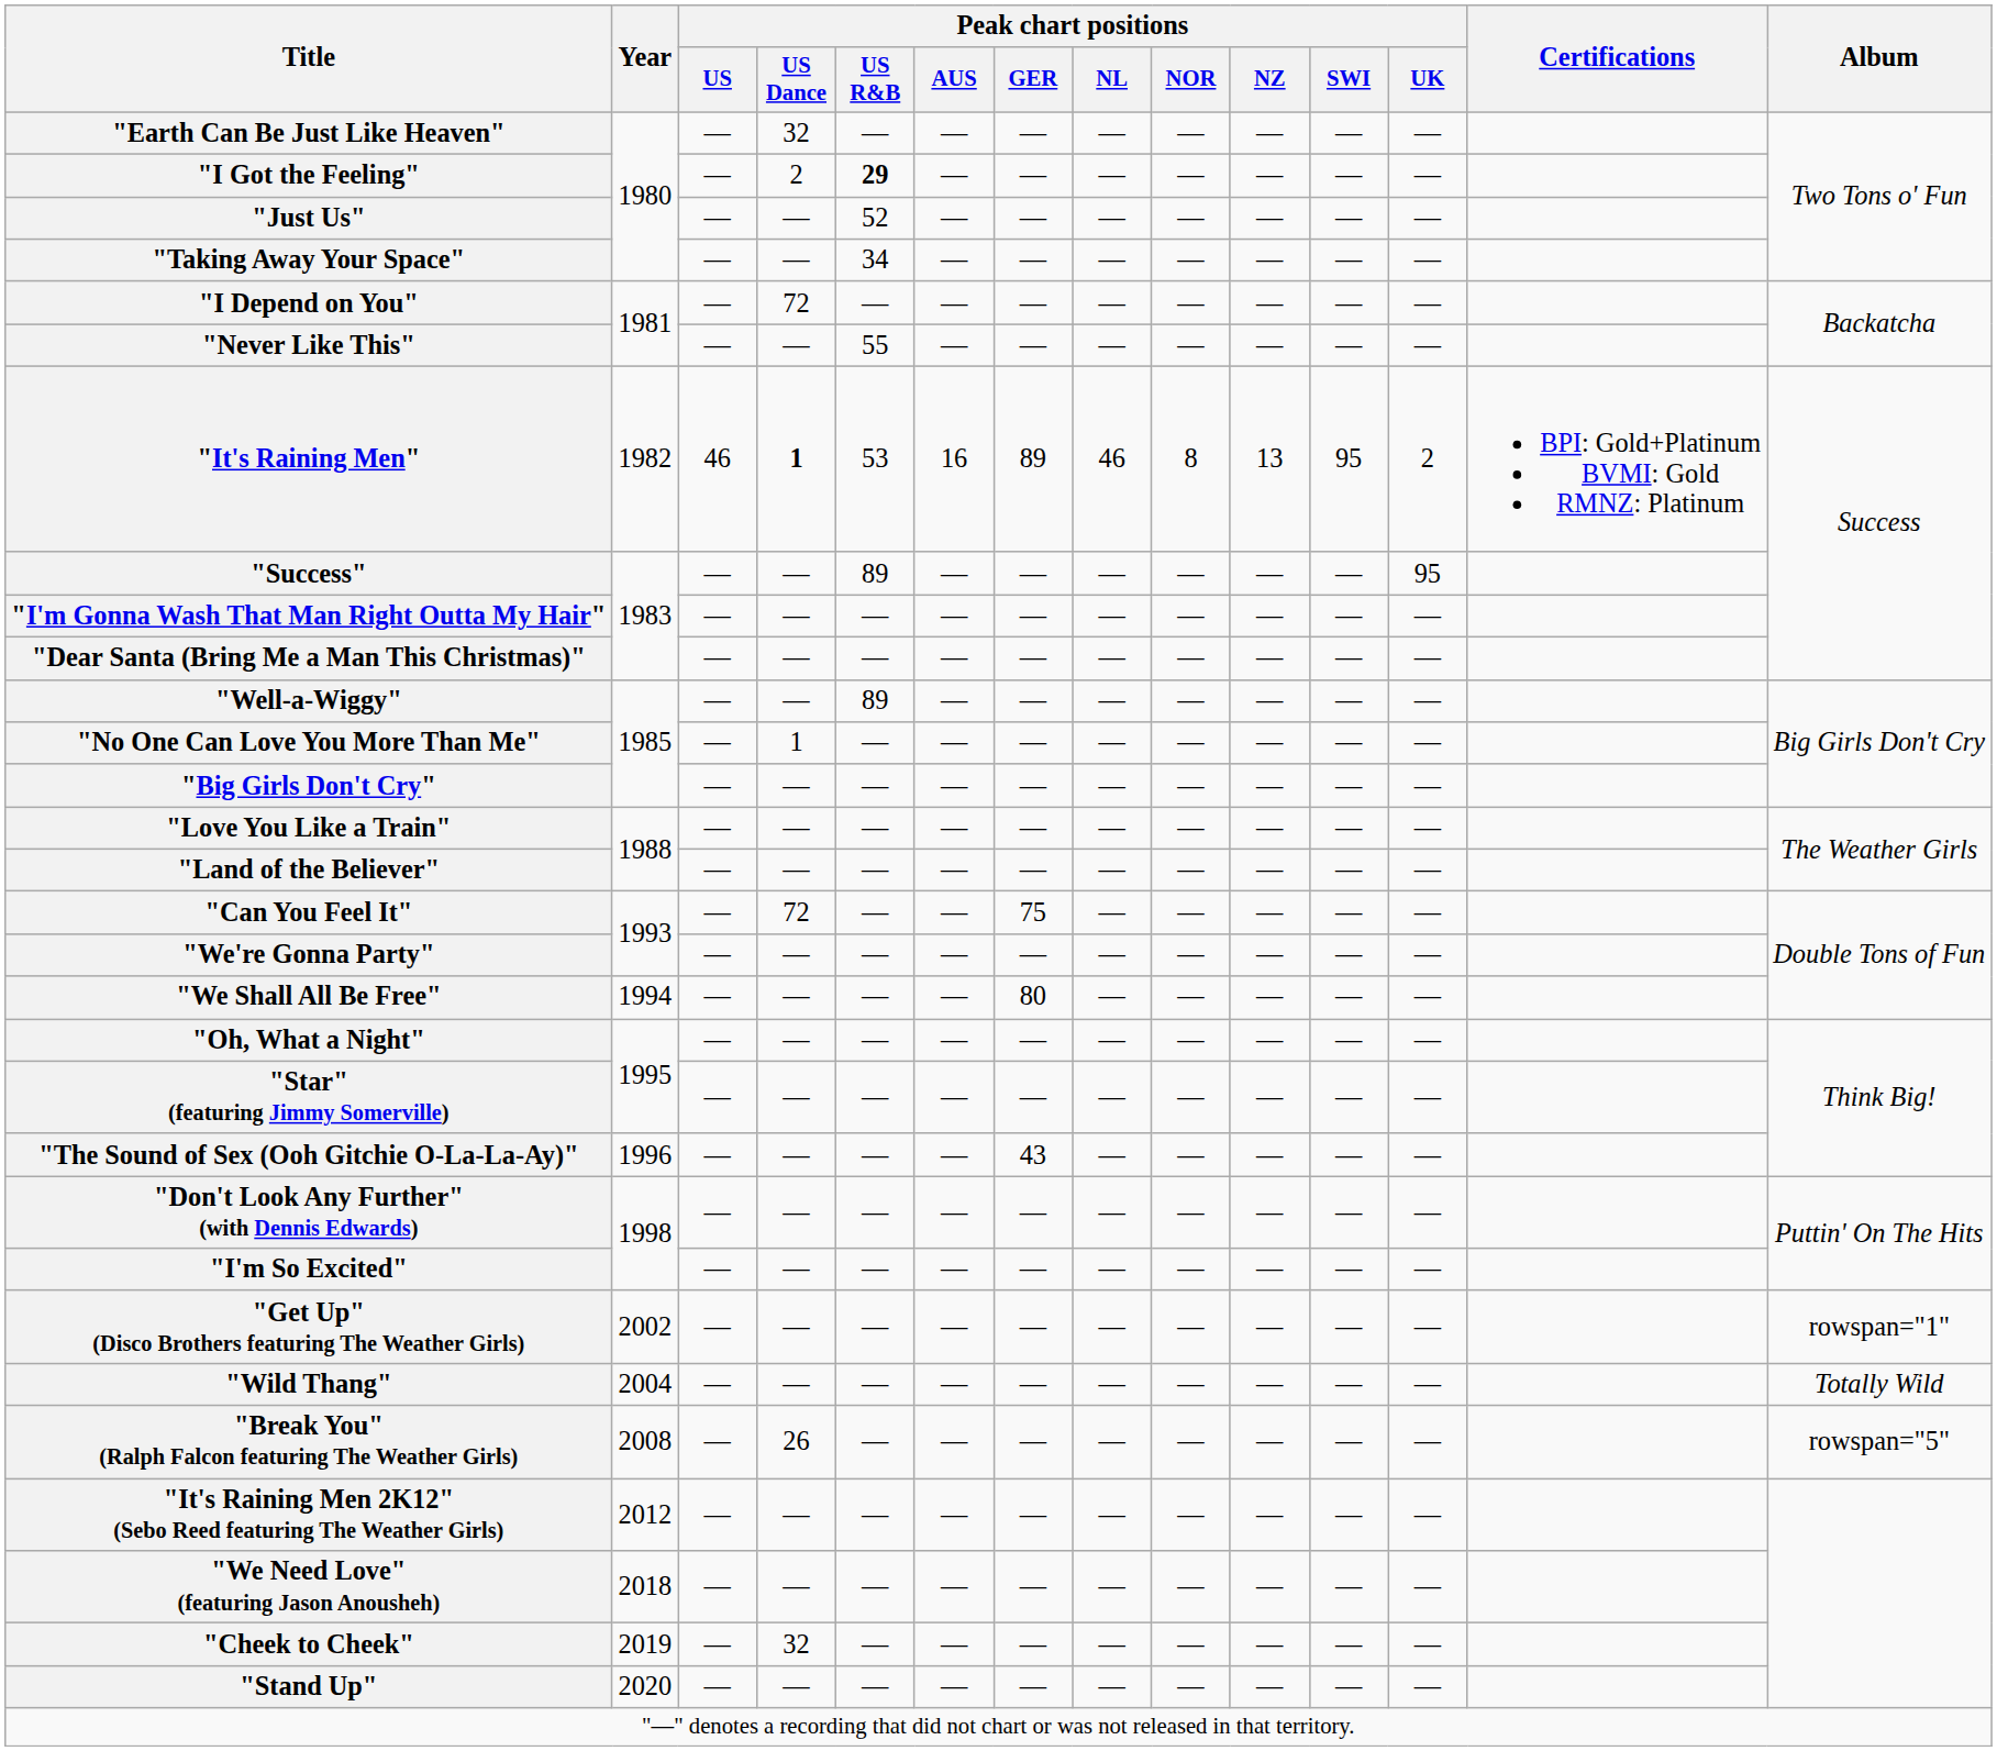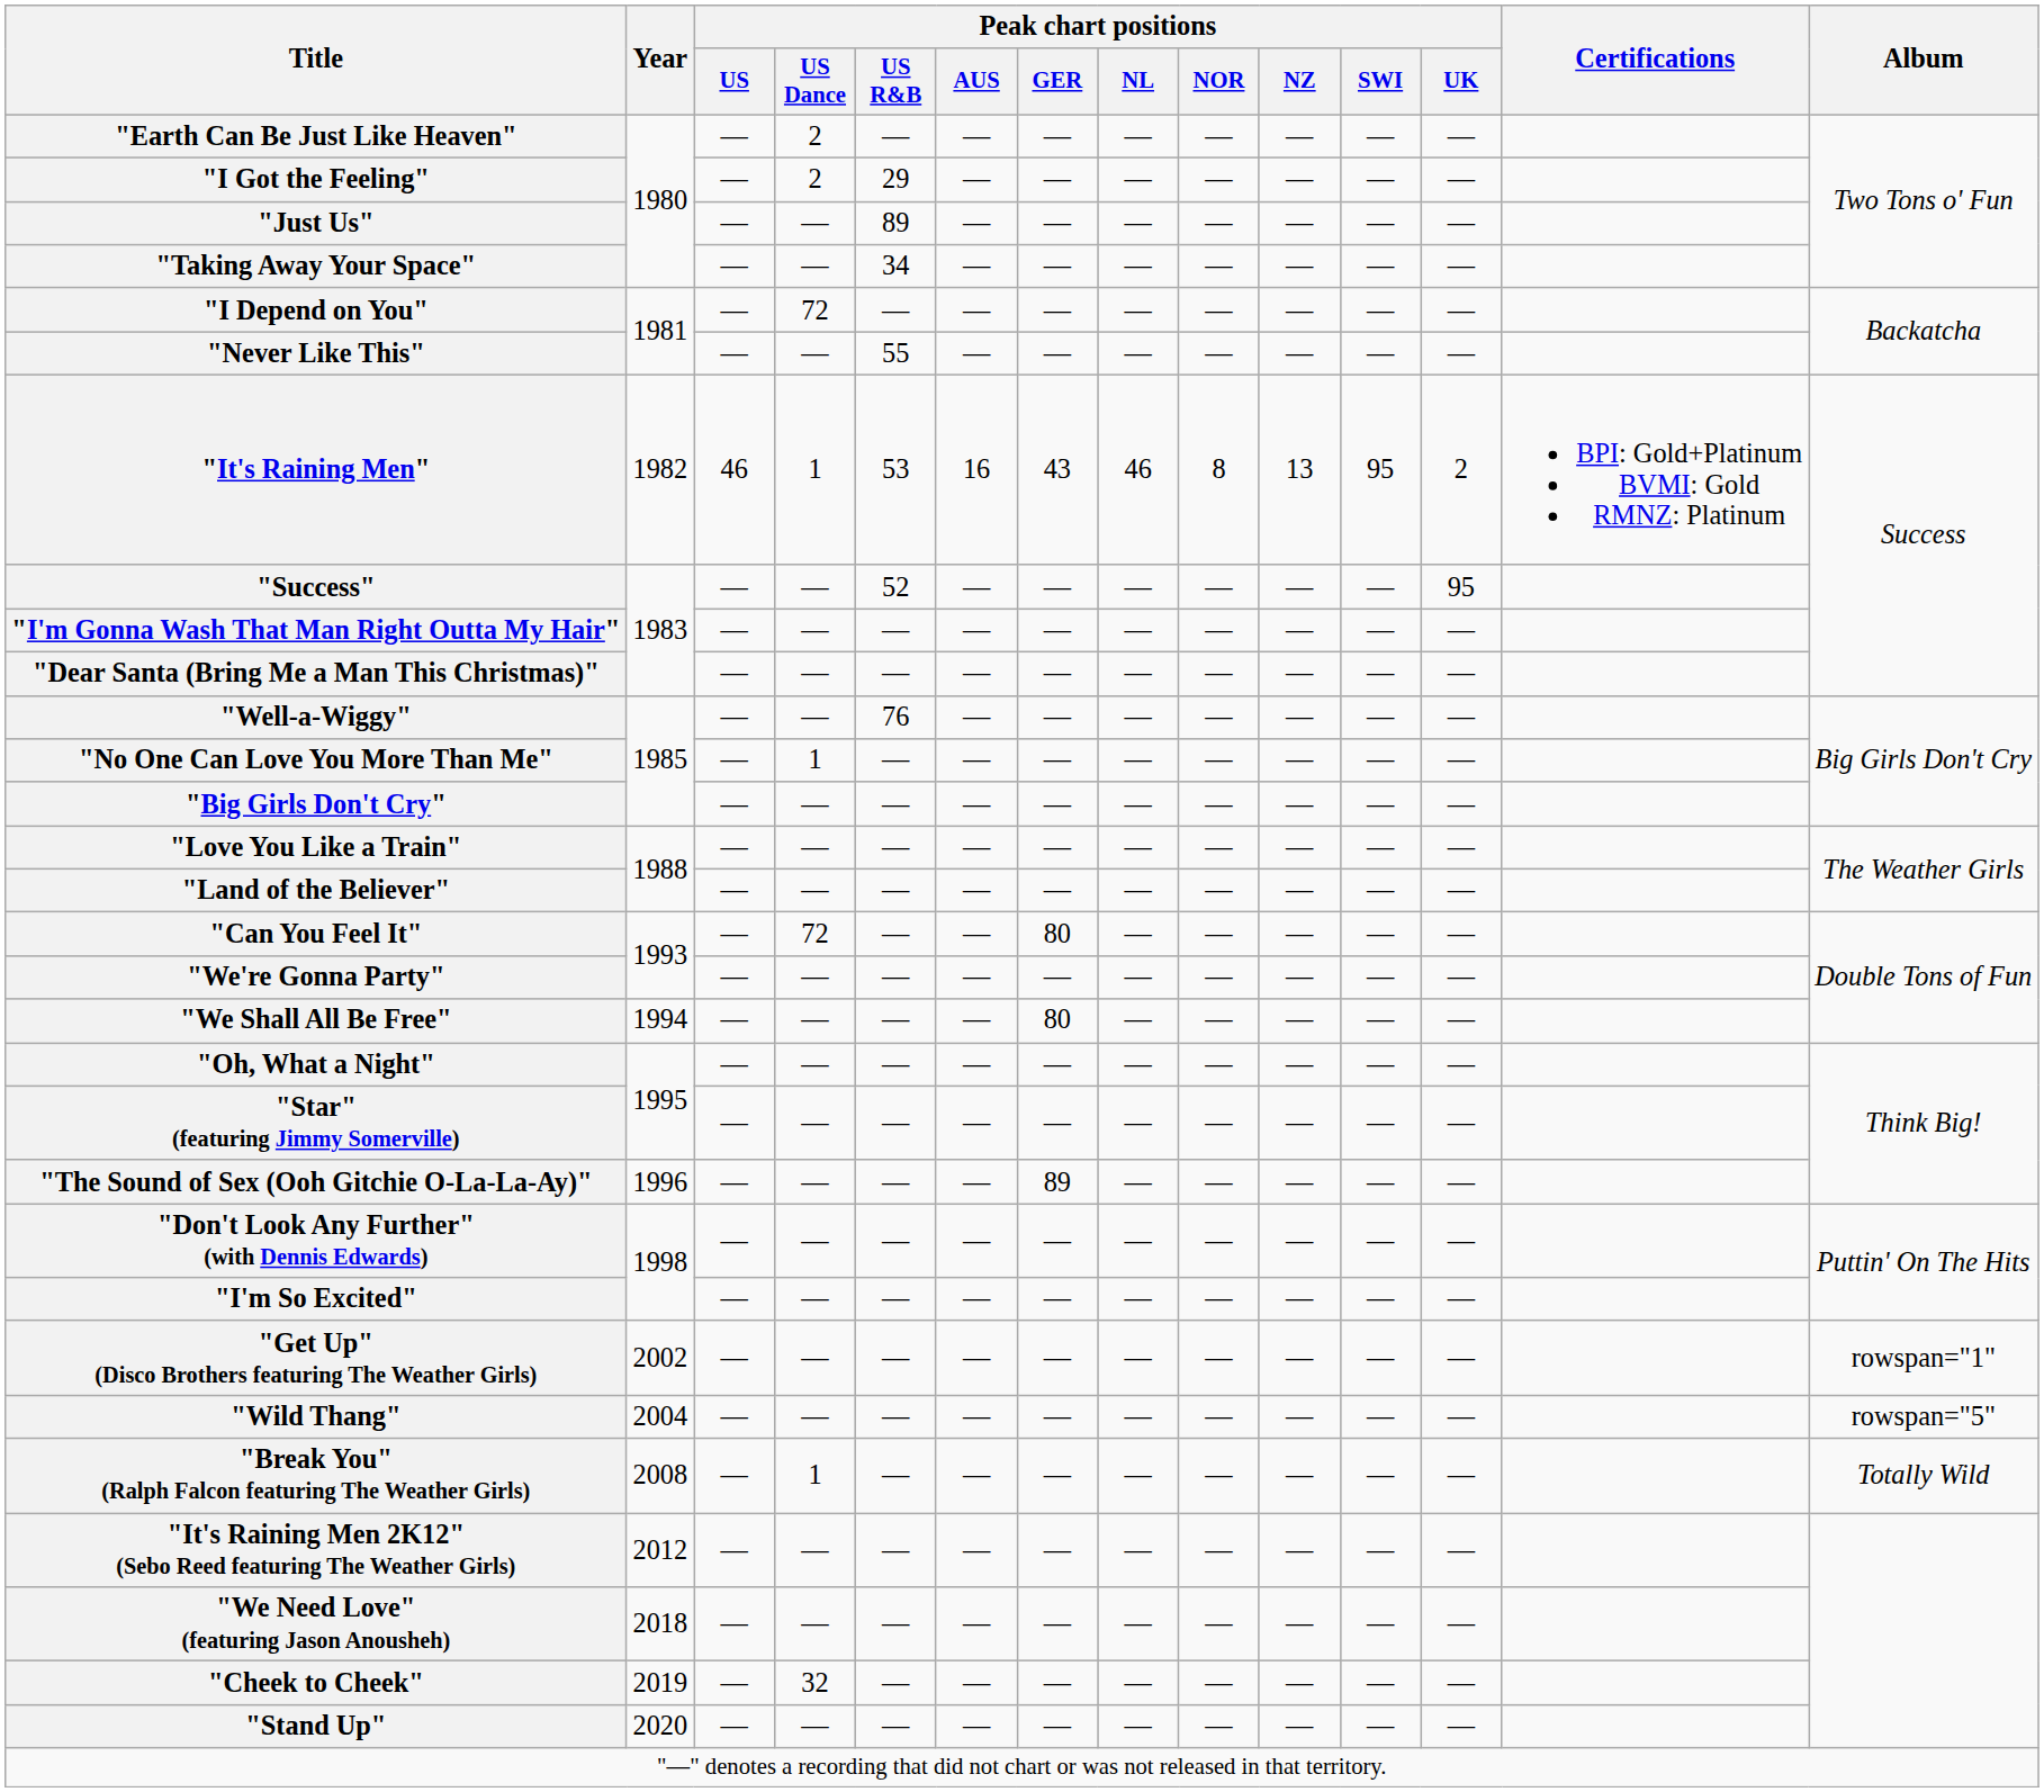 <table class="wikitable plainrowheaders" style="text-align:center;">
 <tr>
 <th scope="col" rowspan="2">Title</th>
 <th scope="col" rowspan="2">Year</th>
 <th scope="col" colspan="10">Peak chart positions</th>
 <th scope="col" rowspan="2"><a href='#'>Certifications</a></th>
 <th scope="col" rowspan="2">Album</th>
 </tr>
 <tr>
 <th scope="col" style="width:3em;font-size:85%;"><a href='#'>US</a><br></th>
 <th scope="col" style="width:3em;font-size:85%;"><a href='#'>US Dance</a><br></th>
 <th scope="col" style="width:3em;font-size:85%;"><a href='#'>US R&B</a><br></th>
 <th scope="col" style="width:3em;font-size:85%;"><a href='#'>AUS</a><br></th>
 <th scope="col" style="width:3em;font-size:85%;"><a href='#'>GER</a><br></th>
 <th scope="col" style="width:3em;font-size:85%;"><a href='#'>NL</a><br></th>
 <th scope="col" style="width:3em;font-size:85%;"><a href='#'>NOR</a><br></th>
 <th scope="col" style="width:3em;font-size:85%;"><a href='#'>NZ</a><br></th>
 <th scope="col" style="width:3em;font-size:85%;"><a href='#'>SWI</a><br></th>
 <th scope="col" style="width:3em;font-size:85%;"><a href='#'>UK</a><br></th>
 </tr>
 <tr>
 <th scope="row">"Earth Can Be Just Like Heaven"</th>
 <td rowspan="4">1980</td>
 <td>—</td>
-<td>32</td>
+<td>2</td>
 <td>—</td>
 <td>—</td>
 <td>—</td>
 <td>—</td>
 <td>—</td>
 <td>—</td>
 <td>—</td>
 <td>—</td>
 <td></td>
 <td rowspan="4"><em>Two Tons o' Fun</em></td>
 </tr>
 <tr>
 <th scope="row">"I Got the Feeling"</th>
 <td>—</td>
 <td>2</td>
-<td><strong>29</strong></td>
+<td>29</td>
 <td>—</td>
 <td>—</td>
 <td>—</td>
 <td>—</td>
 <td>—</td>
 <td>—</td>
 <td>—</td>
 <td></td>
 </tr>
 <tr>
 <th scope="row">"Just Us"</th>
 <td>—</td>
 <td>—</td>
-<td>52</td>
+<td>89</td>
 <td>—</td>
 <td>—</td>
 <td>—</td>
 <td>—</td>
 <td>—</td>
 <td>—</td>
 <td>—</td>
 <td></td>
 </tr>
 <tr>
 <th scope="row">"Taking Away Your Space"</th>
 <td>—</td>
 <td>—</td>
 <td>34</td>
 <td>—</td>
 <td>—</td>
 <td>—</td>
 <td>—</td>
 <td>—</td>
 <td>—</td>
 <td>—</td>
 <td></td>
 </tr>
 <tr>
 <th scope="row">"I Depend on You"</th>
 <td rowspan="2">1981</td>
 <td>—</td>
 <td>72</td>
 <td>—</td>
 <td>—</td>
 <td>—</td>
 <td>—</td>
 <td>—</td>
 <td>—</td>
 <td>—</td>
 <td>—</td>
 <td></td>
 <td rowspan="2"><em>Backatcha</em></td>
 </tr>
 <tr>
 <th scope="row">"Never Like This"</th>
 <td>—</td>
 <td>—</td>
 <td>55</td>
 <td>—</td>
 <td>—</td>
 <td>—</td>
 <td>—</td>
 <td>—</td>
 <td>—</td>
 <td>—</td>
 <td></td>
 </tr>
 <tr>
 <th scope="row">"<a href='#'>It's Raining Men</a>"</th>
 <td>1982</td>
 <td>46</td>
-<td><strong>1</strong></td>
+<td>1</td>
 <td>53</td>
 <td>16</td>
-<td>89</td>
+<td>43</td>
 <td>46</td>
 <td>8</td>
 <td>13</td>
 <td>95</td>
 <td>2</td>
 <td><br><ul><li><a href='#'>BPI</a>: Gold+Platinum</li><li><a href='#'>BVMI</a>: Gold</li><li><a href='#'>RMNZ</a>: Platinum</li></ul></td>
 <td rowspan="4"><em>Success</em></td>
 </tr>
 <tr>
 <th scope="row">"Success"</th>
 <td rowspan="3">1983</td>
 <td>—</td>
 <td>—</td>
-<td>89</td>
+<td>52</td>
 <td>—</td>
 <td>—</td>
 <td>—</td>
 <td>—</td>
 <td>—</td>
 <td>—</td>
 <td>95</td>
 <td></td>
 </tr>
 <tr>
 <th scope="row">"<a href='#'>I'm Gonna Wash That Man Right Outta My Hair</a>"</th>
 <td>—</td>
 <td>—</td>
 <td>—</td>
 <td>—</td>
 <td>—</td>
 <td>—</td>
 <td>—</td>
 <td>—</td>
 <td>—</td>
 <td>—</td>
 <td></td>
 </tr>
 <tr>
 <th scope="row">"Dear Santa (Bring Me a Man This Christmas)"</th>
 <td>—</td>
 <td>—</td>
 <td>—</td>
 <td>—</td>
 <td>—</td>
 <td>—</td>
 <td>—</td>
 <td>—</td>
 <td>—</td>
 <td>—</td>
 <td></td>
 </tr>
 <tr>
 <th scope="row">"Well-a-Wiggy"</th>
 <td rowspan="3">1985</td>
 <td>—</td>
 <td>—</td>
-<td>89</td>
+<td>76</td>
 <td>—</td>
 <td>—</td>
 <td>—</td>
 <td>—</td>
 <td>—</td>
 <td>—</td>
 <td>—</td>
 <td></td>
 <td rowspan="3"><em>Big Girls Don't Cry</em></td>
 </tr>
 <tr>
 <th scope="row">"No One Can Love You More Than Me"</th>
 <td>—</td>
 <td>1</td>
 <td>—</td>
 <td>—</td>
 <td>—</td>
 <td>—</td>
 <td>—</td>
 <td>—</td>
 <td>—</td>
 <td>—</td>
 <td></td>
 </tr>
 <tr>
 <th scope="row">"<a href='#'>Big Girls Don't Cry</a>"</th>
 <td>—</td>
 <td>—</td>
 <td>—</td>
 <td>—</td>
 <td>—</td>
 <td>—</td>
 <td>—</td>
 <td>—</td>
 <td>—</td>
 <td>—</td>
 <td></td>
 </tr>
 <tr>
 <th scope="row">"Love You Like a Train"</th>
 <td rowspan="2">1988</td>
 <td>—</td>
 <td>—</td>
 <td>—</td>
 <td>—</td>
 <td>—</td>
 <td>—</td>
 <td>—</td>
 <td>—</td>
 <td>—</td>
 <td>—</td>
 <td></td>
 <td rowspan="2"><em>The Weather Girls</em></td>
 </tr>
 <tr>
 <th scope="row">"Land of the Believer"</th>
 <td>—</td>
 <td>—</td>
 <td>—</td>
 <td>—</td>
 <td>—</td>
 <td>—</td>
 <td>—</td>
 <td>—</td>
 <td>—</td>
 <td>—</td>
 <td></td>
 </tr>
 <tr>
 <th scope="row">"Can You Feel It"</th>
 <td rowspan="2">1993</td>
 <td>—</td>
 <td>72</td>
 <td>—</td>
 <td>—</td>
-<td>75</td>
+<td>80</td>
 <td>—</td>
 <td>—</td>
 <td>—</td>
 <td>—</td>
 <td>—</td>
 <td></td>
 <td rowspan="3"><em>Double Tons of Fun</em></td>
 </tr>
 <tr>
 <th scope="row">"We're Gonna Party"</th>
 <td>—</td>
 <td>—</td>
 <td>—</td>
 <td>—</td>
 <td>—</td>
 <td>—</td>
 <td>—</td>
 <td>—</td>
 <td>—</td>
 <td>—</td>
 <td></td>
 </tr>
 <tr>
 <th scope="row">"We Shall All Be Free"</th>
 <td>1994</td>
 <td>—</td>
 <td>—</td>
 <td>—</td>
 <td>—</td>
 <td>80</td>
 <td>—</td>
 <td>—</td>
 <td>—</td>
 <td>—</td>
 <td>—</td>
 <td></td>
 </tr>
 <tr>
 <th scope="row">"Oh, What a Night"</th>
 <td rowspan="2">1995</td>
 <td>—</td>
 <td>—</td>
 <td>—</td>
 <td>—</td>
 <td>—</td>
 <td>—</td>
 <td>—</td>
 <td>—</td>
 <td>—</td>
 <td>—</td>
 <td></td>
 <td rowspan="3"><em>Think Big!</em></td>
 </tr>
 <tr>
 <th scope="row">"Star" <br><small>(featuring <a href='#'>Jimmy Somerville</a>)</small></th>
 <td>—</td>
 <td>—</td>
 <td>—</td>
 <td>—</td>
 <td>—</td>
 <td>—</td>
 <td>—</td>
 <td>—</td>
 <td>—</td>
 <td>—</td>
 <td></td>
 </tr>
 <tr>
 <th scope="row">"The Sound of Sex (Ooh Gitchie O-La-La-Ay)"</th>
 <td>1996</td>
 <td>—</td>
 <td>—</td>
 <td>—</td>
 <td>—</td>
-<td>43</td>
+<td>89</td>
 <td>—</td>
 <td>—</td>
 <td>—</td>
 <td>—</td>
 <td>—</td>
 <td></td>
 </tr>
 <tr>
 <th scope="row">"Don't Look Any Further" <br><small>(with <a href='#'>Dennis Edwards</a>)</small></th>
 <td rowspan="2">1998</td>
 <td>—</td>
 <td>—</td>
 <td>—</td>
 <td>—</td>
 <td>—</td>
 <td>—</td>
 <td>—</td>
 <td>—</td>
 <td>—</td>
 <td>—</td>
 <td></td>
 <td rowspan="2"><em> Puttin' On The Hits</em></td>
 </tr>
 <tr>
 <th scope="row">"I'm So Excited"</th>
 <td>—</td>
 <td>—</td>
 <td>—</td>
 <td>—</td>
 <td>—</td>
 <td>—</td>
 <td>—</td>
 <td>—</td>
 <td>—</td>
 <td>—</td>
 <td></td>
 </tr>
 <tr>
 <th scope="row">"Get Up"<br><small>(Disco Brothers featuring The Weather Girls)</small></th>
 <td>2002</td>
 <td>—</td>
 <td>—</td>
 <td>—</td>
 <td>—</td>
 <td>—</td>
 <td>—</td>
 <td>—</td>
 <td>—</td>
 <td>—</td>
 <td>—</td>
 <td></td>
 <td>rowspan="1" </td>
 </tr>
 <tr>
 <th scope="row">"Wild Thang"</th>
 <td>2004</td>
 <td>—</td>
 <td>—</td>
 <td>—</td>
 <td>—</td>
 <td>—</td>
 <td>—</td>
 <td>—</td>
 <td>—</td>
 <td>—</td>
 <td>—</td>
 <td></td>
-<td><em>Totally Wild</em></td>
+<td>rowspan="5" </td>
 </tr>
 <tr>
 <th scope="row">"Break You"<br><small>(Ralph Falcon featuring The Weather Girls)</small></th>
 <td>2008</td>
 <td>—</td>
-<td>26</td>
+<td>1</td>
 <td>—</td>
 <td>—</td>
 <td>—</td>
 <td>—</td>
 <td>—</td>
 <td>—</td>
 <td>—</td>
 <td>—</td>
 <td></td>
-<td>rowspan="5" </td>
+<td><em>Totally Wild</em></td>
 </tr>
 <tr>
 <th scope="row">"It's Raining Men 2K12"<br><small>(Sebo Reed featuring The Weather Girls)</small></th>
 <td>2012</td>
 <td>—</td>
 <td>—</td>
 <td>—</td>
 <td>—</td>
 <td>—</td>
 <td>—</td>
 <td>—</td>
 <td>—</td>
 <td>—</td>
 <td>—</td>
 <td></td>
 </tr>
 <tr>
 <th scope="row">"We Need Love"<br><small>(featuring Jason Anousheh)</small></th>
 <td>2018</td>
 <td>—</td>
 <td>—</td>
 <td>—</td>
 <td>—</td>
 <td>—</td>
 <td>—</td>
 <td>—</td>
 <td>—</td>
 <td>—</td>
 <td>—</td>
 <td></td>
 </tr>
 <tr>
 <th scope="row">"Cheek to Cheek"</th>
 <td>2019</td>
 <td>—</td>
 <td>32</td>
 <td>—</td>
 <td>—</td>
 <td>—</td>
 <td>—</td>
 <td>—</td>
 <td>—</td>
 <td>—</td>
 <td>—</td>
 <td></td>
 </tr>
 <tr>
 <th scope="row">"Stand Up"</th>
 <td>2020</td>
 <td>—</td>
 <td>—</td>
 <td>—</td>
 <td>—</td>
 <td>—</td>
 <td>—</td>
 <td>—</td>
 <td>—</td>
 <td>—</td>
 <td>—</td>
 <td></td>
 </tr>
 <tr>
 <td colspan="18" style="font-size:85%">"—" denotes a recording that did not chart or was not released in that territory.</td>
 </tr>
 </table>
